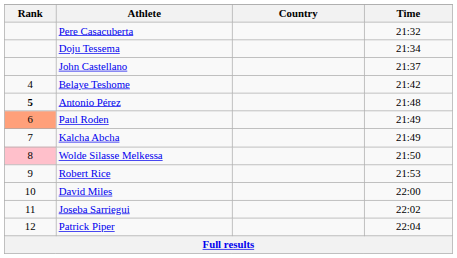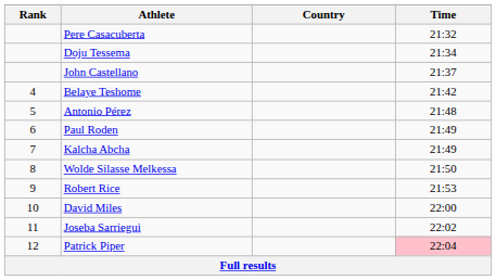 <table class="wikitable sortable" style=" text-align:center; font-size:95%;" width="50%">
 <tr>
 </tr>
 <tr>
 <th width=5%>Rank</th>
 <th width=20%>Athlete</th>
 <th width=15%>Country</th>
 <th width=10%>Time</th>
 </tr>
 <tr>
 <td align=center></td>
 <td align=left><a href='#'>Pere Casacuberta</a></td>
 <td align=left></td>
 <td>21:32</td>
 </tr>
 <tr>
 <td align=center></td>
 <td align=left><a href='#'>Doju Tessema</a></td>
 <td align=left></td>
 <td>21:34</td>
 </tr>
 <tr>
 <td align=center></td>
 <td align=left><a href='#'>John Castellano</a></td>
 <td align=left></td>
 <td>21:37</td>
 </tr>
 <tr>
 <td align=center>4</td>
 <td align=left><a href='#'>Belaye Teshome</a></td>
 <td align=left></td>
 <td>21:42</td>
 </tr>
 <tr>
-<td align=center><strong>5</strong></td>
+<td align=center>5</td>
 <td align=left><a href='#'>Antonio Pérez</a></td>
 <td align=left></td>
 <td>21:48</td>
 </tr>
 <tr>
-<td align=center style="background: lightsalmon;">6</td>
+<td align=center>6</td>
 <td align=left><a href='#'>Paul Roden</a></td>
 <td align=left></td>
 <td>21:49</td>
 </tr>
 <tr>
 <td align=center>7</td>
 <td align=left><a href='#'>Kalcha Abcha</a></td>
 <td align=left></td>
 <td>21:49</td>
 </tr>
 <tr>
-<td align=center style="background: pink;">8</td>
+<td align=center>8</td>
 <td align=left><a href='#'>Wolde Silasse Melkessa</a></td>
 <td align=left></td>
 <td>21:50</td>
 </tr>
 <tr>
 <td align=center>9</td>
 <td align=left><a href='#'>Robert Rice</a></td>
 <td align=left></td>
 <td>21:53</td>
 </tr>
 <tr>
 <td align=center>10</td>
 <td align=left><a href='#'>David Miles</a></td>
 <td align=left></td>
 <td>22:00</td>
 </tr>
 <tr>
 <td align=center>11</td>
 <td align=left><a href='#'>Joseba Sarriegui</a></td>
 <td align=left></td>
 <td>22:02</td>
 </tr>
 <tr>
 <td align=center>12</td>
 <td align=left><a href='#'>Patrick Piper</a></td>
 <td align=left></td>
-<td>22:04</td>
+<td style="background: pink;">22:04</td>
 </tr>
 <tr class="sortbottom">
 <th colspan=4 align=center><a href='#'>Full results</a></th>
 </tr>
 </table>
